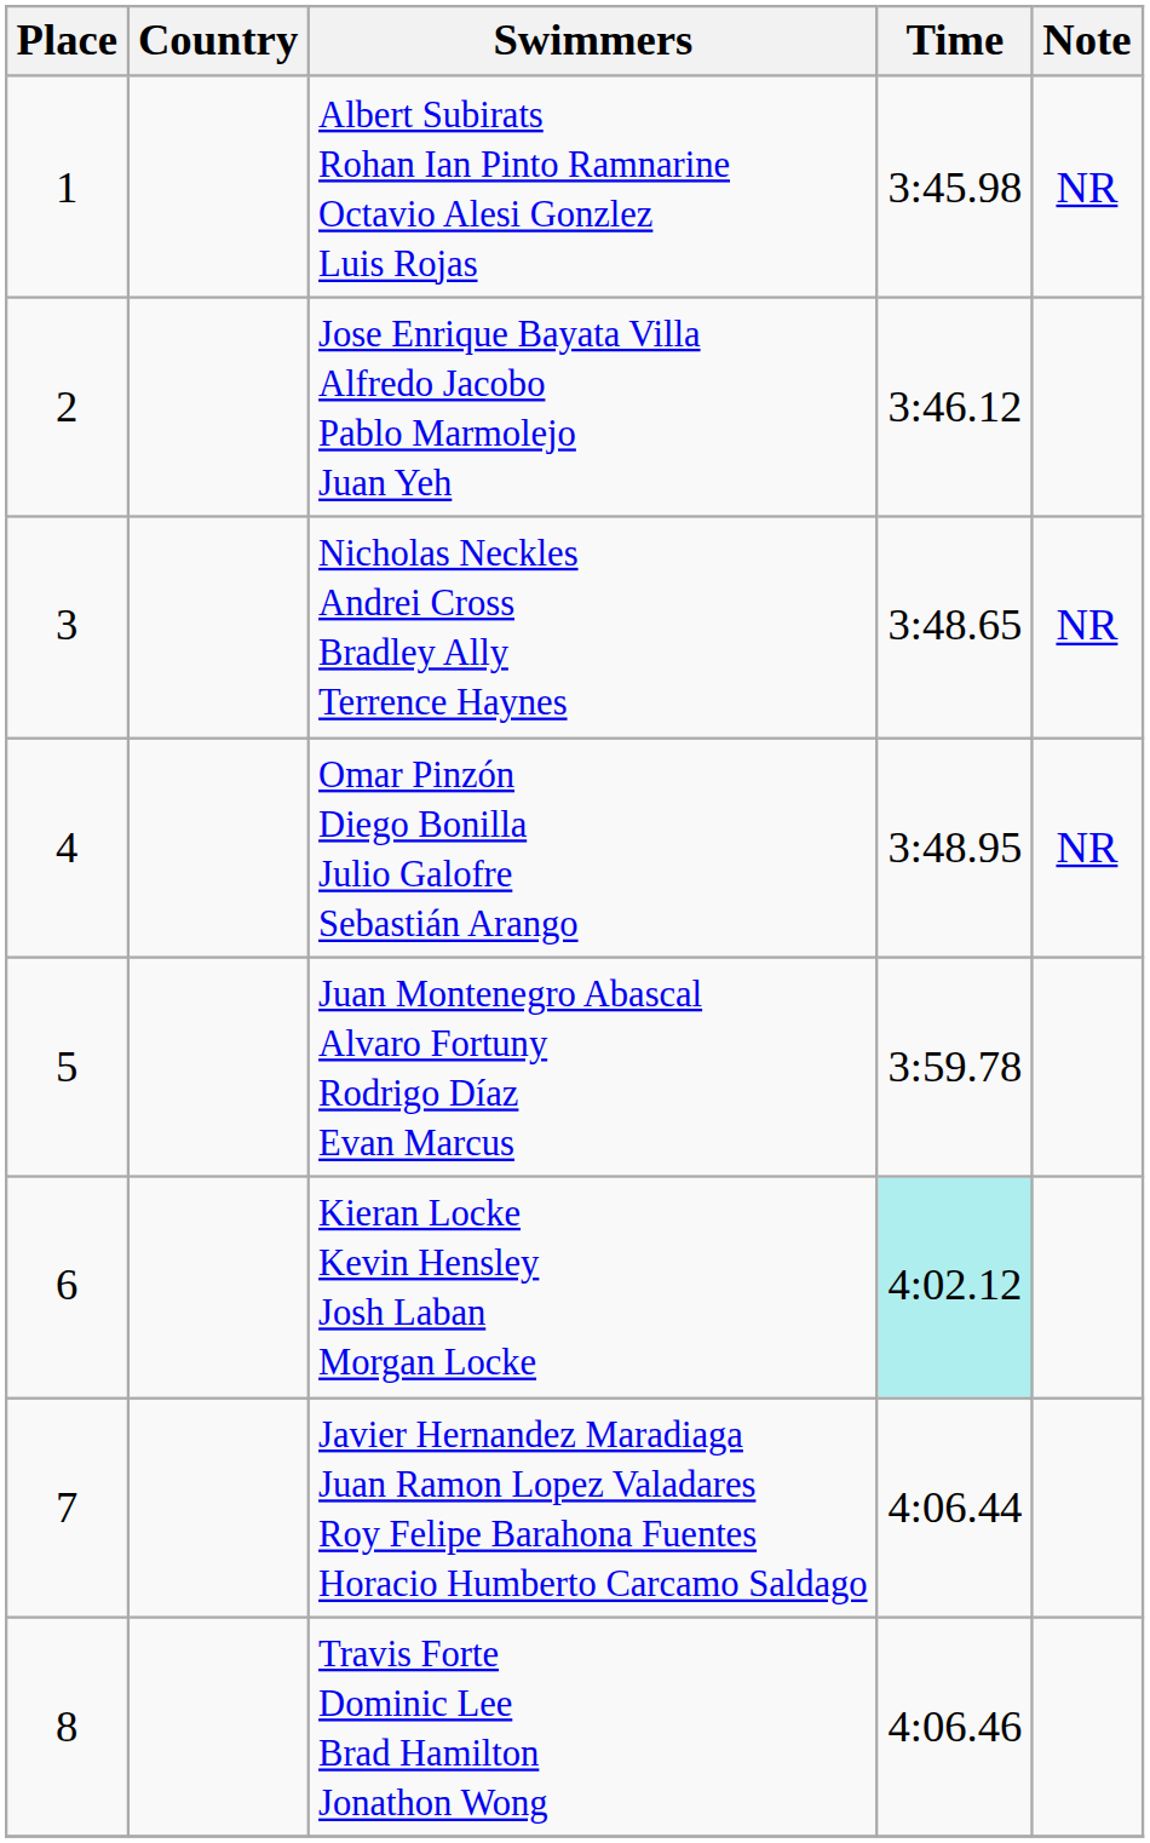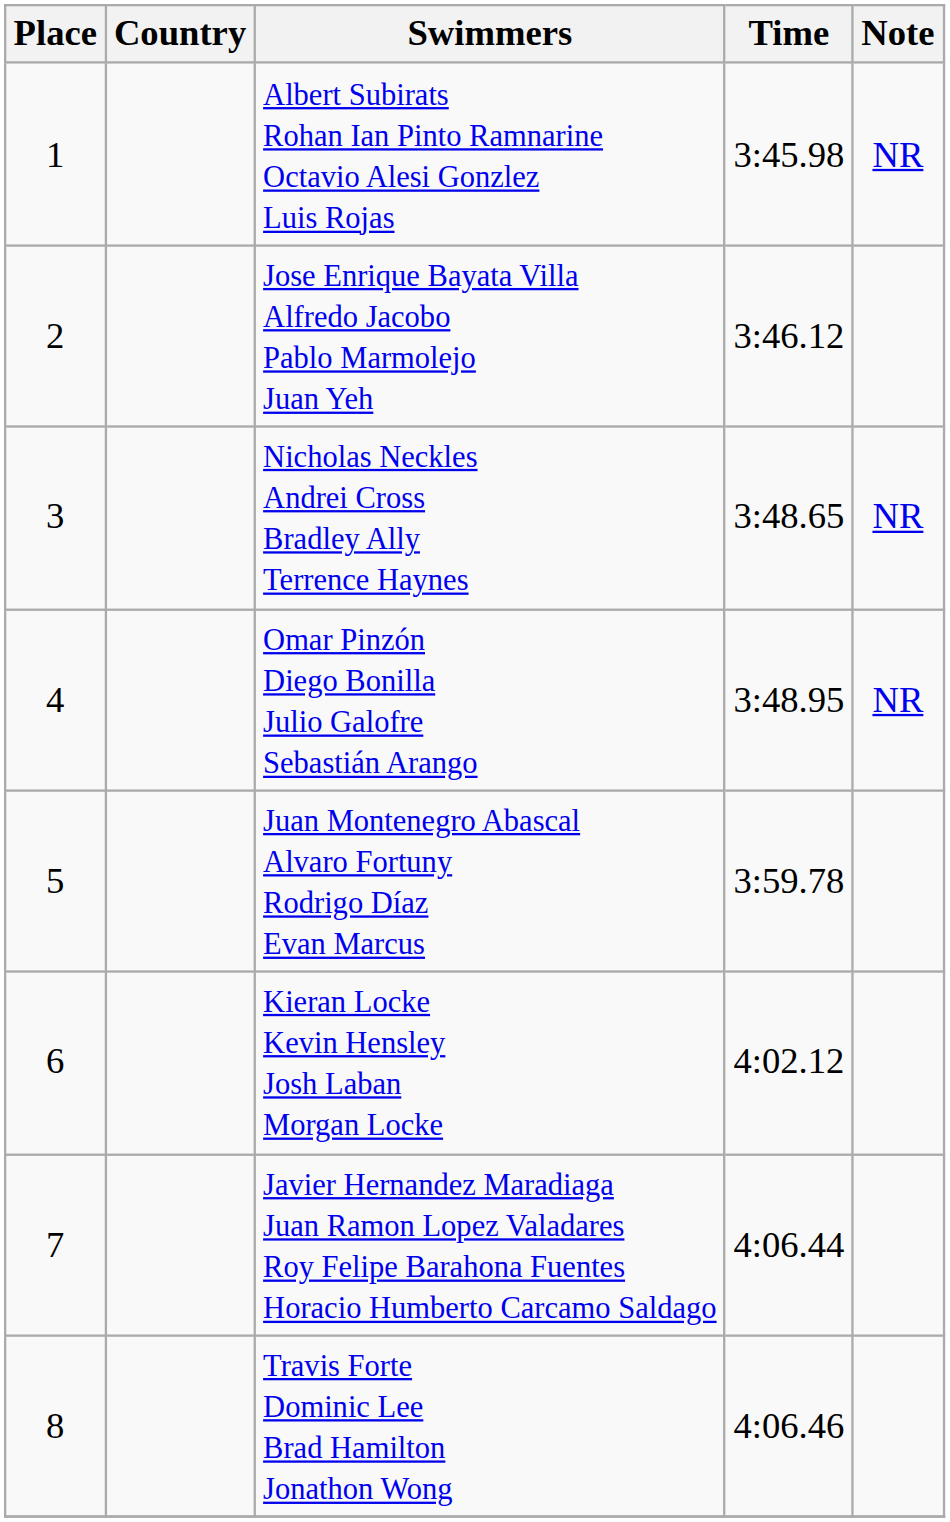 <table class="wikitable" style="text-align:center">
 <tr>
 <th>Place</th>
 <th>Country</th>
 <th>Swimmers</th>
 <th>Time</th>
 <th>Note</th>
 </tr>
 <tr>
 <td>1</td>
 <td align=left></td>
 <td align=left><small><a href='#'>Albert Subirats</a><br> <a href='#'>Rohan Ian Pinto Ramnarine</a><br> <a href='#'>Octavio Alesi Gonzlez</a><br> <a href='#'>Luis Rojas</a> </small></td>
 <td>3:45.98</td>
 <td><a href='#'>NR</a></td>
 </tr>
 <tr>
 <td>2</td>
 <td align=left></td>
 <td align=left><small><a href='#'>Jose Enrique Bayata Villa</a><br> <a href='#'>Alfredo Jacobo</a><br> <a href='#'>Pablo Marmolejo</a><br> <a href='#'>Juan Yeh</a> </small></td>
 <td>3:46.12</td>
 <td></td>
 </tr>
 <tr>
 <td>3</td>
 <td align=left></td>
 <td align=left><small><a href='#'>Nicholas Neckles</a><br> <a href='#'>Andrei Cross</a><br> <a href='#'>Bradley Ally</a><br> <a href='#'>Terrence Haynes</a> </small></td>
 <td>3:48.65</td>
 <td><a href='#'>NR</a></td>
 </tr>
 <tr>
 <td>4</td>
 <td align=left></td>
 <td align=left><small><a href='#'>Omar Pinzón</a><br> <a href='#'>Diego Bonilla</a><br> <a href='#'>Julio Galofre</a><br> <a href='#'>Sebastián Arango</a> </small></td>
 <td>3:48.95</td>
 <td><a href='#'>NR</a></td>
 </tr>
 <tr>
 <td>5</td>
 <td align=left></td>
 <td align=left><small><a href='#'>Juan Montenegro Abascal</a><br> <a href='#'>Alvaro Fortuny</a><br> <a href='#'>Rodrigo Díaz</a><br> <a href='#'>Evan Marcus</a> </small></td>
 <td>3:59.78</td>
 <td></td>
 </tr>
 <tr>
 <td>6</td>
 <td align=left></td>
 <td align=left><small><a href='#'>Kieran Locke</a><br> <a href='#'>Kevin Hensley</a><br> <a href='#'>Josh Laban</a><br> <a href='#'>Morgan Locke</a> </small></td>
-<td style="background: paleturquoise;">4:02.12</td>
+<td>4:02.12</td>
 <td></td>
 </tr>
 <tr>
 <td>7</td>
 <td align=left></td>
 <td align=left><small><a href='#'>Javier Hernandez Maradiaga</a><br> <a href='#'>Juan Ramon Lopez Valadares</a><br> <a href='#'>Roy Felipe Barahona Fuentes</a><br> <a href='#'>Horacio Humberto Carcamo Saldago</a> </small></td>
 <td>4:06.44</td>
 <td></td>
 </tr>
 <tr>
 <td>8</td>
 <td align=left></td>
 <td align=left><small><a href='#'>Travis Forte</a><br> <a href='#'>Dominic Lee</a><br> <a href='#'>Brad Hamilton</a><br> <a href='#'>Jonathon Wong</a> </small></td>
 <td>4:06.46</td>
 <td></td>
 </tr>
 <tr>
 </tr>
 </table>
